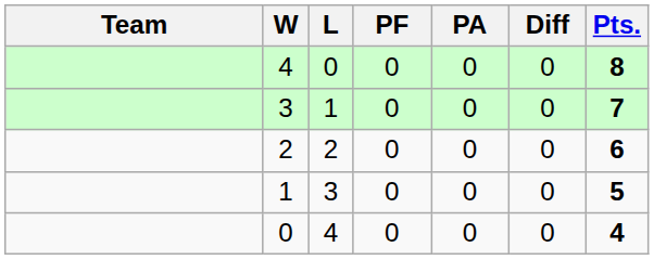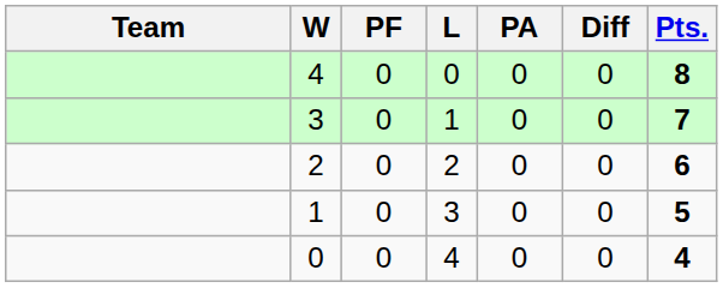 <table class=wikitable>
 <tr align=center>
 <th width=150px>Team</th>
 <th width=20px>W</th>
+<th width=40px>PF</th>
 <th width=20px>L</th>
-<th width=40px>PF</th>
 <th width=40px>PA</th>
 <th width=40px>Diff</th>
 <th width=30px><a href='#'>Pts.</a></th>
 </tr>
 <tr align=center bgcolor="#ccffcc">
 <td align=left></td>
 <td>4</td>
 <td>0</td>
 <td>0</td>
 <td>0</td>
 <td>0</td>
 <td><strong>8</strong></td>
 </tr>
 <tr align=center bgcolor="#ccffcc">
 <td align=left></td>
 <td>3</td>
+<td>0</td>
 <td>1</td>
-<td>0</td>
 <td>0</td>
 <td>0</td>
 <td><strong>7</strong></td>
 </tr>
 <tr align=center>
 <td align=left></td>
 <td>2</td>
+<td>0</td>
 <td>2</td>
-<td>0</td>
 <td>0</td>
 <td>0</td>
 <td><strong>6</strong></td>
 </tr>
 <tr align=center>
 <td align=left></td>
 <td>1</td>
+<td>0</td>
 <td>3</td>
-<td>0</td>
 <td>0</td>
 <td>0</td>
 <td><strong>5</strong></td>
 </tr>
 <tr align=center>
 <td align=left></td>
 <td>0</td>
+<td>0</td>
 <td>4</td>
-<td>0</td>
 <td>0</td>
 <td>0</td>
 <td><strong>4</strong></td>
 </tr>
 </table>
